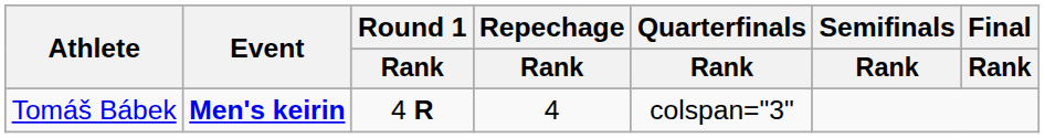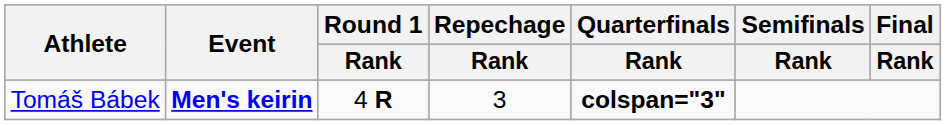 <table class="wikitable" style="font-size:90%">
 <tr>
 <th rowspan=2>Athlete</th>
 <th rowspan=2>Event</th>
 <th>Round 1</th>
 <th>Repechage</th>
 <th>Quarterfinals</th>
 <th>Semifinals</th>
 <th>Final</th>
 </tr>
 <tr style="font-size:95%">
 <th>Rank</th>
 <th>Rank</th>
 <th>Rank</th>
 <th>Rank</th>
 <th>Rank</th>
 </tr>
 <tr align=center>
 <td align=left><a href='#'>Tomáš Bábek</a></td>
 <td align=left><strong><a href='#'>Men's keirin</a></strong></td>
 <td>4 <strong>R</strong></td>
-<td>4</td>
-<td>colspan="3" </td>
+<td>3</td>
+<td><strong>colspan="3" </strong></td>
 </tr>
 </table>
